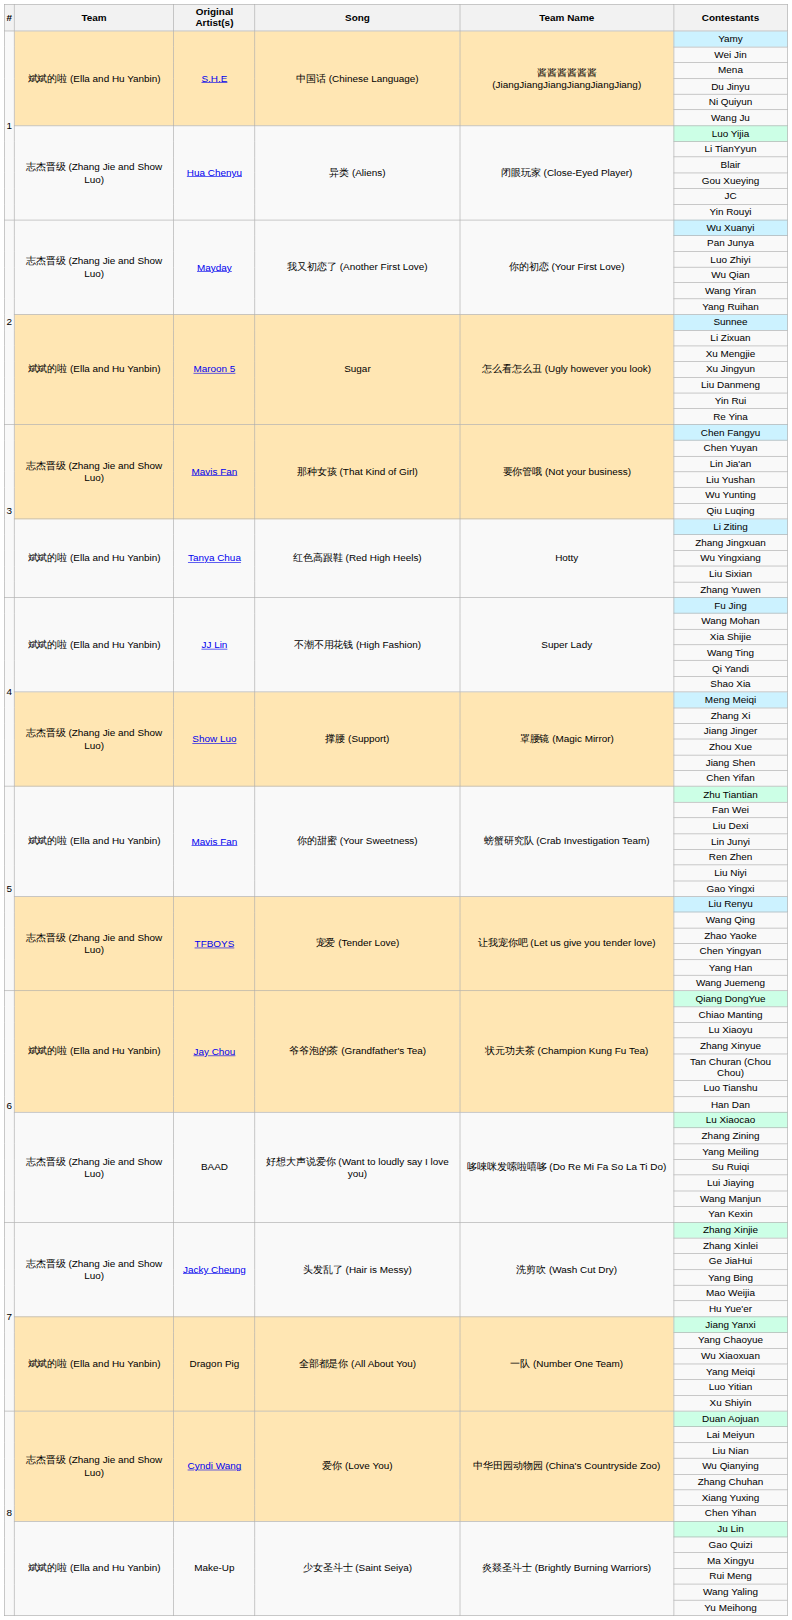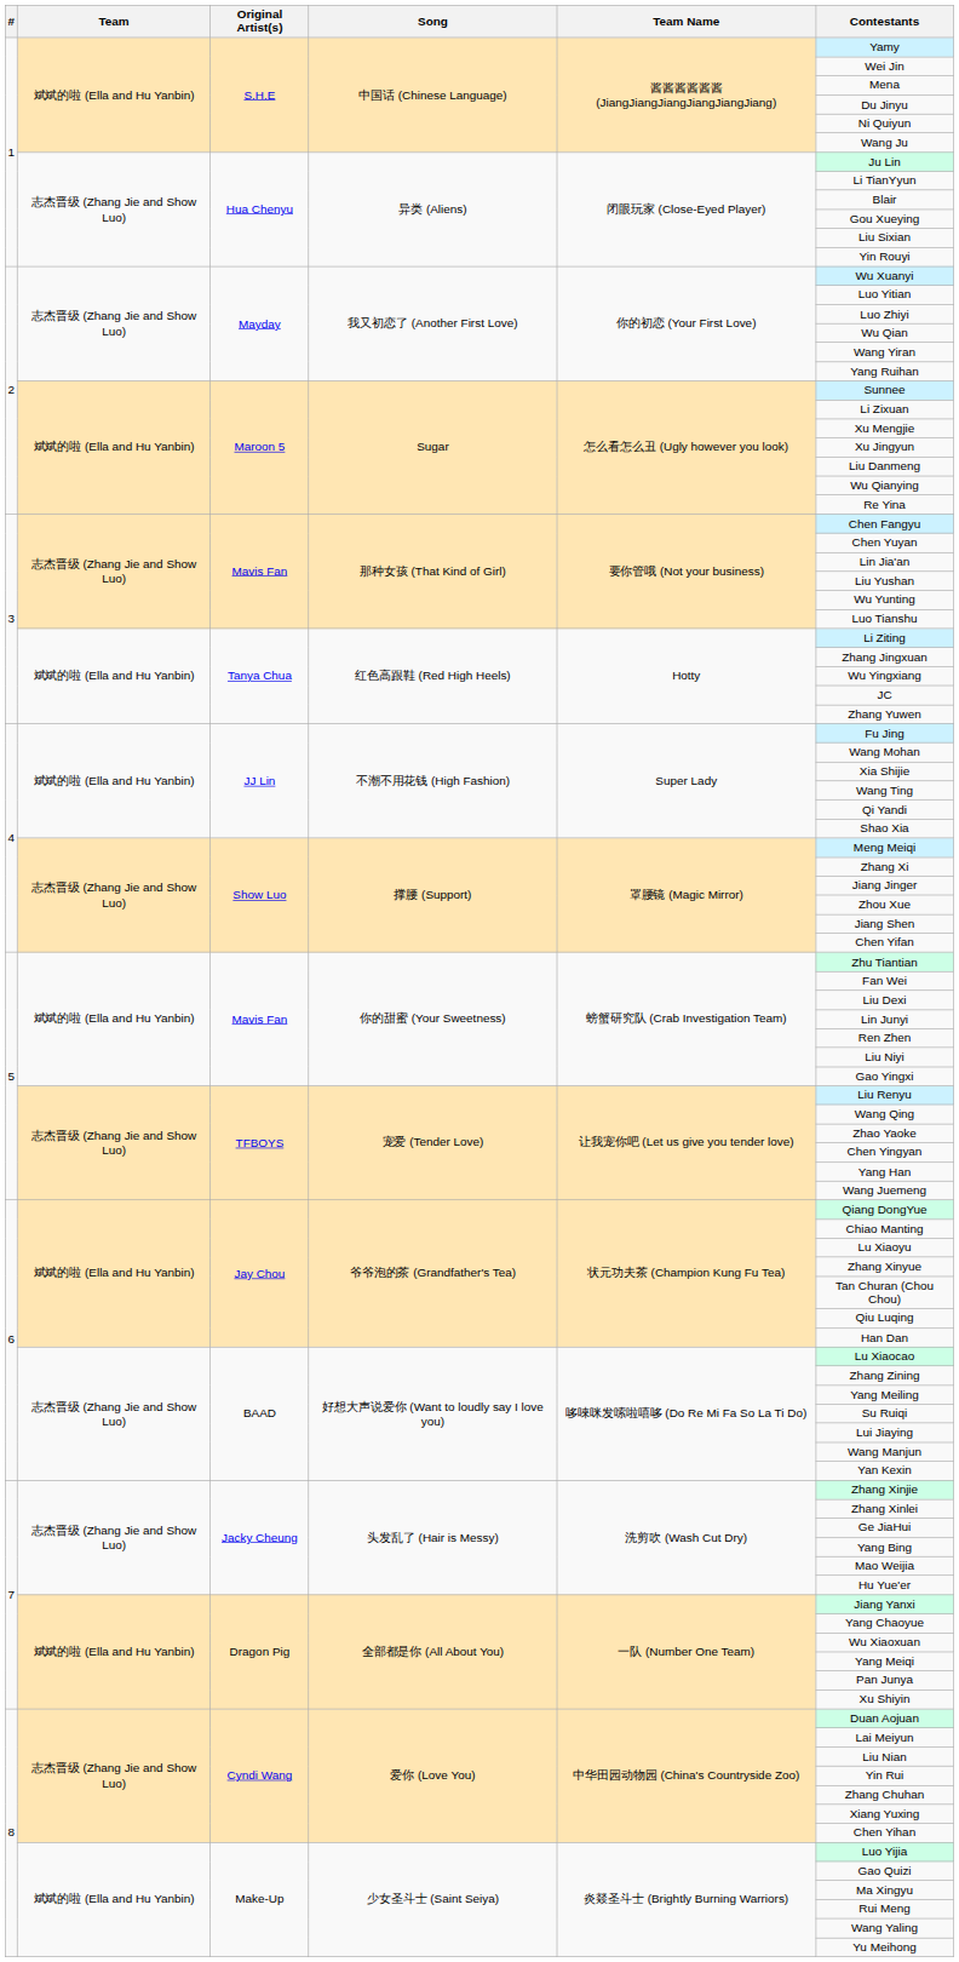 <table class="wikitable sortable" style="text-align:center; width:100%">
 <tr>
 <th>#</th>
 <th>Team</th>
 <th>Original Artist(s)</th>
 <th>Song</th>
 <th>Team Name</th>
 <th>Contestants</th>
 </tr>
 <tr>
 <td rowspan="12">1</td>
 <td rowspan="6" style=background:#FFE6B3>斌斌的啦 (Ella and Hu Yanbin)</td>
 <td rowspan="6" style=background:#FFE6B3><a href='#'>S.H.E</a></td>
 <td rowspan="6" style=background:#FFE6B3>中国话 (Chinese Language)</td>
 <td rowspan="6" style=background:#FFE6B3>酱酱酱酱酱酱 (JiangJiangJiangJiangJiangJiang)</td>
 <td style=background:#CCF2FF;>Yamy</td>
 </tr>
 <tr>
 <td>Wei Jin</td>
 </tr>
 <tr>
 <td>Mena</td>
 </tr>
 <tr>
 <td>Du Jinyu</td>
 </tr>
 <tr>
 <td>Ni Quiyun</td>
 </tr>
 <tr>
 <td>Wang Ju</td>
 </tr>
 <tr>
 <td rowspan="6">志杰晋级 (Zhang Jie and Show Luo)</td>
 <td rowspan="6"><a href='#'>Hua Chenyu</a></td>
 <td rowspan="6">异类 (Aliens)</td>
 <td rowspan="6">闭眼玩家 (Close-Eyed Player)</td>
-<td style=background:#CCFFE6;>Luo Yijia</td>
+<td style=background:#CCFFE6;>Ju Lin</td>
 </tr>
 <tr>
 <td>Li TianYyun</td>
 </tr>
 <tr>
 <td>Blair</td>
 </tr>
 <tr>
 <td>Gou Xueying</td>
 </tr>
 <tr>
-<td>JC</td>
+<td>Liu Sixian</td>
 </tr>
 <tr>
 <td>Yin Rouyi</td>
 </tr>
 <tr>
 <td rowspan="13">2</td>
 <td rowspan="6">志杰晋级 (Zhang Jie and Show Luo)</td>
 <td rowspan="6"><a href='#'>Mayday</a></td>
 <td rowspan="6">我又初恋了 (Another First Love)</td>
 <td rowspan="6">你的初恋 (Your First Love)</td>
 <td style=background:#CCF2FF;>Wu Xuanyi</td>
 </tr>
 <tr>
-<td>Pan Junya</td>
+<td>Luo Yitian</td>
 </tr>
 <tr>
 <td>Luo Zhiyi</td>
 </tr>
 <tr>
 <td>Wu Qian</td>
 </tr>
 <tr>
 <td>Wang Yiran</td>
 </tr>
 <tr>
 <td>Yang Ruihan</td>
 </tr>
 <tr>
 <td rowspan="7" style=background:#FFE6B3>斌斌的啦 (Ella and Hu Yanbin)</td>
 <td rowspan="7" style=background:#FFE6B3><a href='#'>Maroon 5</a></td>
 <td rowspan="7" style=background:#FFE6B3>Sugar</td>
 <td rowspan="7" style=background:#FFE6B3>怎么看怎么丑 (Ugly however you look)</td>
 <td style=background:#CCF2FF;>Sunnee</td>
 </tr>
 <tr>
 <td>Li Zixuan</td>
 </tr>
 <tr>
 <td>Xu Mengjie</td>
 </tr>
 <tr>
 <td>Xu Jingyun</td>
 </tr>
 <tr>
 <td>Liu Danmeng</td>
 </tr>
 <tr>
-<td>Yin Rui</td>
+<td>Wu Qianying</td>
 </tr>
 <tr>
 <td>Re Yina</td>
 </tr>
 <tr>
 <td rowspan="11">3</td>
 <td rowspan="6" style=background:#FFE6B3>志杰晋级 (Zhang Jie and Show Luo)</td>
 <td rowspan="6" style=background:#FFE6B3><a href='#'>Mavis Fan</a></td>
 <td rowspan="6" style=background:#FFE6B3>那种女孩 (That Kind of Girl)</td>
 <td rowspan="6" style=background:#FFE6B3>要你管哦 (Not your business)</td>
 <td style=background:#CCF2FF;>Chen Fangyu</td>
 </tr>
 <tr>
 <td>Chen Yuyan</td>
 </tr>
 <tr>
 <td>Lin Jia'an</td>
 </tr>
 <tr>
 <td>Liu Yushan</td>
 </tr>
 <tr>
 <td>Wu Yunting</td>
 </tr>
 <tr>
-<td>Qiu Luqing</td>
+<td>Luo Tianshu</td>
 </tr>
 <tr>
 <td rowspan="5">斌斌的啦 (Ella and Hu Yanbin)</td>
 <td rowspan="5"><a href='#'>Tanya Chua</a></td>
 <td rowspan="5">红色高跟鞋 (Red High Heels)</td>
 <td rowspan="5">Hotty</td>
 <td style=background:#CCF2FF;>Li Ziting</td>
 </tr>
 <tr>
 <td>Zhang Jingxuan</td>
 </tr>
 <tr>
 <td>Wu Yingxiang</td>
 </tr>
 <tr>
-<td>Liu Sixian</td>
+<td>JC</td>
 </tr>
 <tr>
 <td>Zhang Yuwen</td>
 </tr>
 <tr>
 <td rowspan="12">4</td>
 <td rowspan="6">斌斌的啦 (Ella and Hu Yanbin)</td>
 <td rowspan="6"><a href='#'>JJ Lin</a></td>
 <td rowspan="6">不潮不用花钱 (High Fashion)</td>
 <td rowspan="6">Super Lady</td>
 <td style=background:#CCF2FF;>Fu Jing</td>
 </tr>
 <tr>
 <td>Wang Mohan</td>
 </tr>
 <tr>
 <td>Xia Shijie</td>
 </tr>
 <tr>
 <td>Wang Ting</td>
 </tr>
 <tr>
 <td>Qi Yandi</td>
 </tr>
 <tr>
 <td>Shao Xia</td>
 </tr>
 <tr>
 <td rowspan="6" style=background:#FFE6B3>志杰晋级 (Zhang Jie and Show Luo)</td>
 <td rowspan="6" style=background:#FFE6B3><a href='#'>Show Luo</a></td>
 <td rowspan="6" style=background:#FFE6B3>撑腰 (Support)</td>
 <td rowspan="6" style=background:#FFE6B3>罩腰镜 (Magic Mirror)</td>
 <td style=background:#CCF2FF;>Meng Meiqi</td>
 </tr>
 <tr>
 <td>Zhang Xi</td>
 </tr>
 <tr>
 <td>Jiang Jinger</td>
 </tr>
 <tr>
 <td>Zhou Xue</td>
 </tr>
 <tr>
 <td>Jiang Shen</td>
 </tr>
 <tr>
 <td>Chen Yifan</td>
 </tr>
 <tr>
 <td rowspan="13">5</td>
 <td rowspan="7">斌斌的啦 (Ella and Hu Yanbin)</td>
 <td rowspan="7"><a href='#'>Mavis Fan</a></td>
 <td rowspan="7">你的甜蜜 (Your Sweetness)</td>
 <td rowspan="7">螃蟹研究队 (Crab Investigation Team)</td>
 <td style=background:#CCFFE6;>Zhu Tiantian</td>
 </tr>
 <tr>
 <td>Fan Wei</td>
 </tr>
 <tr>
 <td>Liu Dexi</td>
 </tr>
 <tr>
 <td>Lin Junyi</td>
 </tr>
 <tr>
 <td>Ren Zhen</td>
 </tr>
 <tr>
 <td>Liu Niyi</td>
 </tr>
 <tr>
 <td>Gao Yingxi</td>
 </tr>
 <tr>
 <td rowspan="6" style=background:#FFE6B3>志杰晋级 (Zhang Jie and Show Luo)</td>
 <td rowspan="6" style=background:#FFE6B3><a href='#'>TFBOYS</a></td>
 <td rowspan="6" style=background:#FFE6B3>宠爱 (Tender Love)</td>
 <td rowspan="6" style=background:#FFE6B3>让我宠你吧 (Let us give you tender love)</td>
 <td style=background:#CCF2FF;>Liu Renyu</td>
 </tr>
 <tr>
 <td>Wang Qing</td>
 </tr>
 <tr>
 <td>Zhao Yaoke</td>
 </tr>
 <tr>
 <td>Chen Yingyan</td>
 </tr>
 <tr>
 <td>Yang Han</td>
 </tr>
 <tr>
 <td>Wang Juemeng</td>
 </tr>
 <tr>
 <td rowspan="14">6</td>
 <td rowspan="7" style=background:#FFE6B3>斌斌的啦 (Ella and Hu Yanbin)</td>
 <td rowspan="7" style=background:#FFE6B3><a href='#'>Jay Chou</a></td>
 <td rowspan="7" style=background:#FFE6B3>爷爷泡的茶 (Grandfather's Tea)</td>
 <td rowspan="7" style=background:#FFE6B3>状元功夫茶 (Champion Kung Fu Tea)</td>
 <td style=background:#CCFFE6;>Qiang DongYue</td>
 </tr>
 <tr>
 <td>Chiao Manting</td>
 </tr>
 <tr>
 <td>Lu Xiaoyu</td>
 </tr>
 <tr>
 <td>Zhang Xinyue</td>
 </tr>
 <tr>
 <td>Tan Churan (Chou Chou)</td>
 </tr>
 <tr>
-<td>Luo Tianshu</td>
+<td>Qiu Luqing</td>
 </tr>
 <tr>
 <td>Han Dan</td>
 </tr>
 <tr>
 <td rowspan="7">志杰晋级 (Zhang Jie and Show Luo)</td>
 <td rowspan="7">BAAD</td>
 <td rowspan="7">好想大声说爱你 (Want to loudly say I love you)</td>
 <td rowspan="7">哆唻咪发嗦啦嘻哆 (Do Re Mi Fa So La Ti Do)</td>
 <td style=background:#CCFFE6;>Lu Xiaocao</td>
 </tr>
 <tr>
 <td>Zhang Zining</td>
 </tr>
 <tr>
 <td>Yang Meiling</td>
 </tr>
 <tr>
 <td>Su Ruiqi</td>
 </tr>
 <tr>
 <td>Lui Jiaying</td>
 </tr>
 <tr>
 <td>Wang Manjun</td>
 </tr>
 <tr>
 <td>Yan Kexin</td>
 </tr>
 <tr>
 <td rowspan="12">7</td>
 <td rowspan="6">志杰晋级 (Zhang Jie and Show Luo)</td>
 <td rowspan="6"><a href='#'>Jacky Cheung</a></td>
 <td rowspan="6">头发乱了 (Hair is Messy)</td>
 <td rowspan="6">洗剪吹 (Wash Cut Dry)</td>
 <td style=background:#CCFFE6;>Zhang Xinjie</td>
 </tr>
 <tr>
 <td>Zhang Xinlei</td>
 </tr>
 <tr>
 <td>Ge JiaHui</td>
 </tr>
 <tr>
 <td>Yang Bing</td>
 </tr>
 <tr>
 <td>Mao Weijia</td>
 </tr>
 <tr>
 <td>Hu Yue'er</td>
 </tr>
 <tr>
 <td rowspan="6" style=background:#FFE6B3>斌斌的啦 (Ella and Hu Yanbin)</td>
 <td rowspan="6" style=background:#FFE6B3>Dragon Pig</td>
 <td rowspan="6" style=background:#FFE6B3>全部都是你 (All About You)</td>
 <td rowspan="6" style=background:#FFE6B3>一队 (Number One Team)</td>
 <td style=background:#CCFFE6;>Jiang Yanxi</td>
 </tr>
 <tr>
 <td>Yang Chaoyue</td>
 </tr>
 <tr>
 <td>Wu Xiaoxuan</td>
 </tr>
 <tr>
 <td>Yang Meiqi</td>
 </tr>
 <tr>
-<td>Luo Yitian</td>
+<td>Pan Junya</td>
 </tr>
 <tr>
 <td>Xu Shiyin</td>
 </tr>
 <tr>
 <td rowspan="13">8</td>
 <td rowspan="7" style=background:#FFE6B3>志杰晋级 (Zhang Jie and Show Luo)</td>
 <td rowspan="7" style=background:#FFE6B3><a href='#'>Cyndi Wang</a></td>
 <td rowspan="7" style=background:#FFE6B3>爱你 (Love You)</td>
 <td rowspan="7" style=background:#FFE6B3>中华田园动物园 (China's Countryside Zoo)</td>
 <td style=background:#CCFFE6;>Duan Aojuan</td>
 </tr>
 <tr>
 <td>Lai Meiyun</td>
 </tr>
 <tr>
 <td>Liu Nian</td>
 </tr>
 <tr>
-<td>Wu Qianying</td>
+<td>Yin Rui</td>
 </tr>
 <tr>
 <td>Zhang Chuhan</td>
 </tr>
 <tr>
 <td>Xiang Yuxing</td>
 </tr>
 <tr>
 <td>Chen Yihan</td>
 </tr>
 <tr>
 <td rowspan="6">斌斌的啦 (Ella and Hu Yanbin)</td>
 <td rowspan="6">Make-Up</td>
 <td rowspan="6">少女圣斗士 (Saint Seiya)</td>
 <td rowspan="6">炎燚圣斗士 (Brightly Burning Warriors)</td>
-<td style=background:#CCFFE6;>Ju Lin</td>
+<td style=background:#CCFFE6;>Luo Yijia</td>
 </tr>
 <tr>
 <td>Gao Quizi</td>
 </tr>
 <tr>
 <td>Ma Xingyu</td>
 </tr>
 <tr>
 <td>Rui Meng</td>
 </tr>
 <tr>
 <td>Wang Yaling</td>
 </tr>
 <tr>
 <td>Yu Meihong</td>
 </tr>
 </table>
